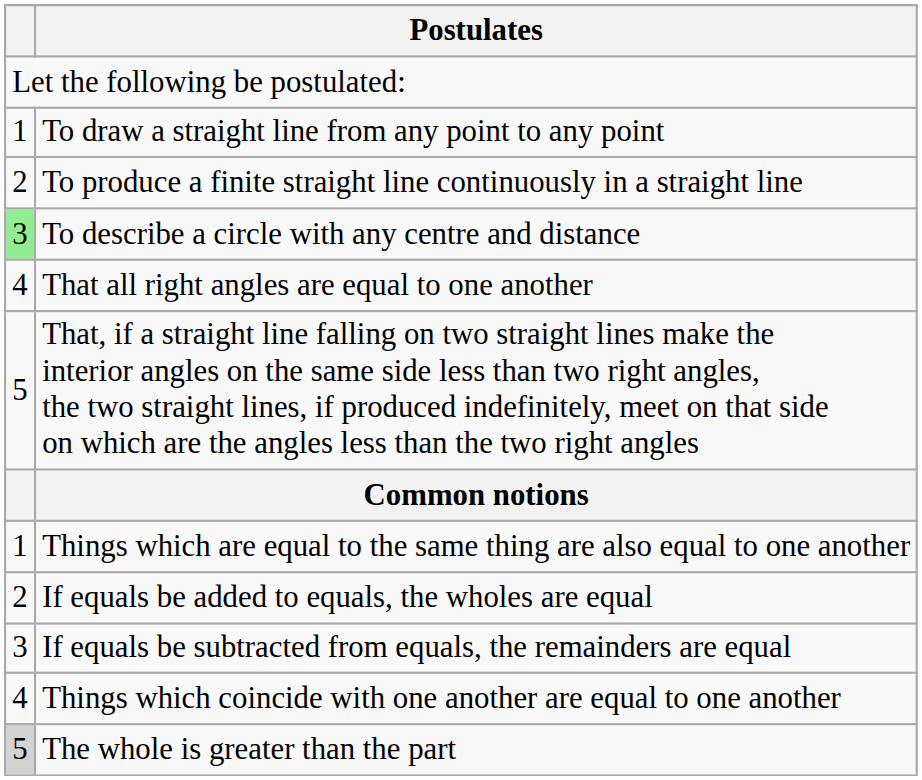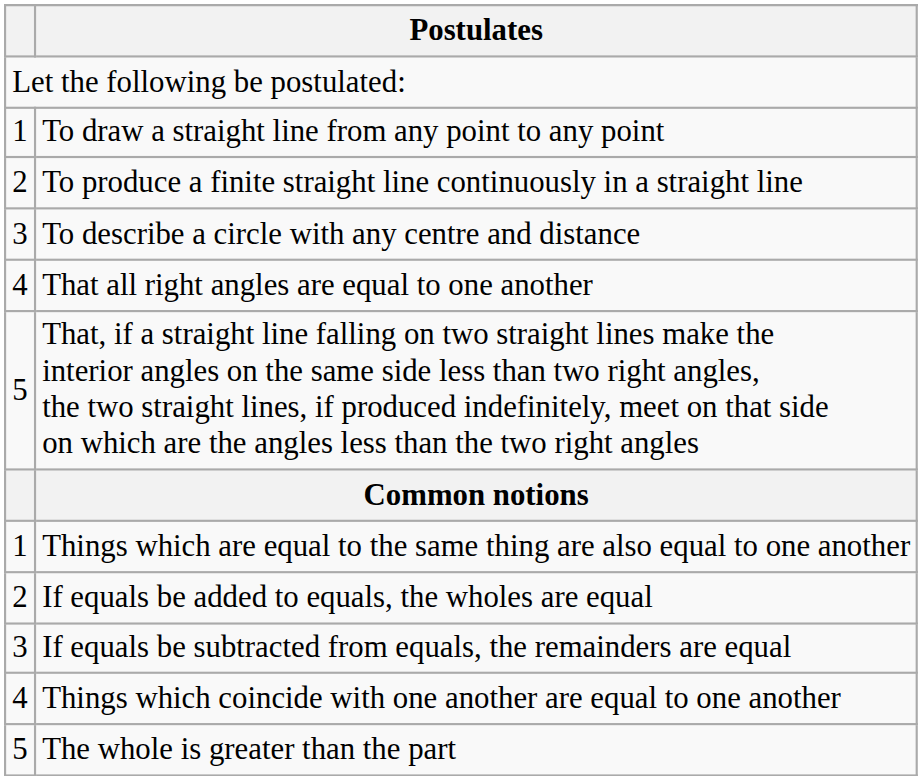 <table class="wikitable plainrowheaders floatright" style="font-size:90%">
 <tr>
 </tr>
 <tr>
 <th scope="col"></th>
 <th scope="col">Postulates</th>
 </tr>
 <tr>
 <td colspan="2">Let the following be postulated:</td>
 </tr>
 <tr>
 <td>1</td>
 <td>To draw a straight line from any point to any point</td>
 </tr>
 <tr>
 <td>2</td>
 <td>To produce a finite straight line continuously in a straight line</td>
 </tr>
 <tr>
-<td style="background: lightgreen;">3</td>
+<td>3</td>
 <td>To describe a circle with any centre and distance</td>
 </tr>
 <tr>
 <td>4</td>
 <td>That all right angles are equal to one another</td>
 </tr>
 <tr>
 <td>5</td>
 <td>That, if a straight line falling on two straight lines make the<br> interior angles on the same side less than two right angles,<br> the two straight lines, if produced indefinitely, meet on that side<br> on which are the angles less than the two right angles</td>
 </tr>
 <tr>
 <th scope="col"></th>
 <th scope="col">Common notions</th>
 </tr>
 <tr>
 <td>1</td>
 <td>Things which are equal to the same thing are also equal to one another</td>
 </tr>
 <tr>
 <td>2</td>
 <td>If equals be added to equals, the wholes are equal</td>
 </tr>
 <tr>
 <td>3</td>
 <td>If equals be subtracted from equals, the remainders are equal</td>
 </tr>
 <tr>
 <td>4</td>
 <td>Things which coincide with one another are equal to one another</td>
 </tr>
 <tr>
-<td style="background: lightgrey;">5</td>
+<td>5</td>
 <td>The whole is greater than the part</td>
 </tr>
 </table>
